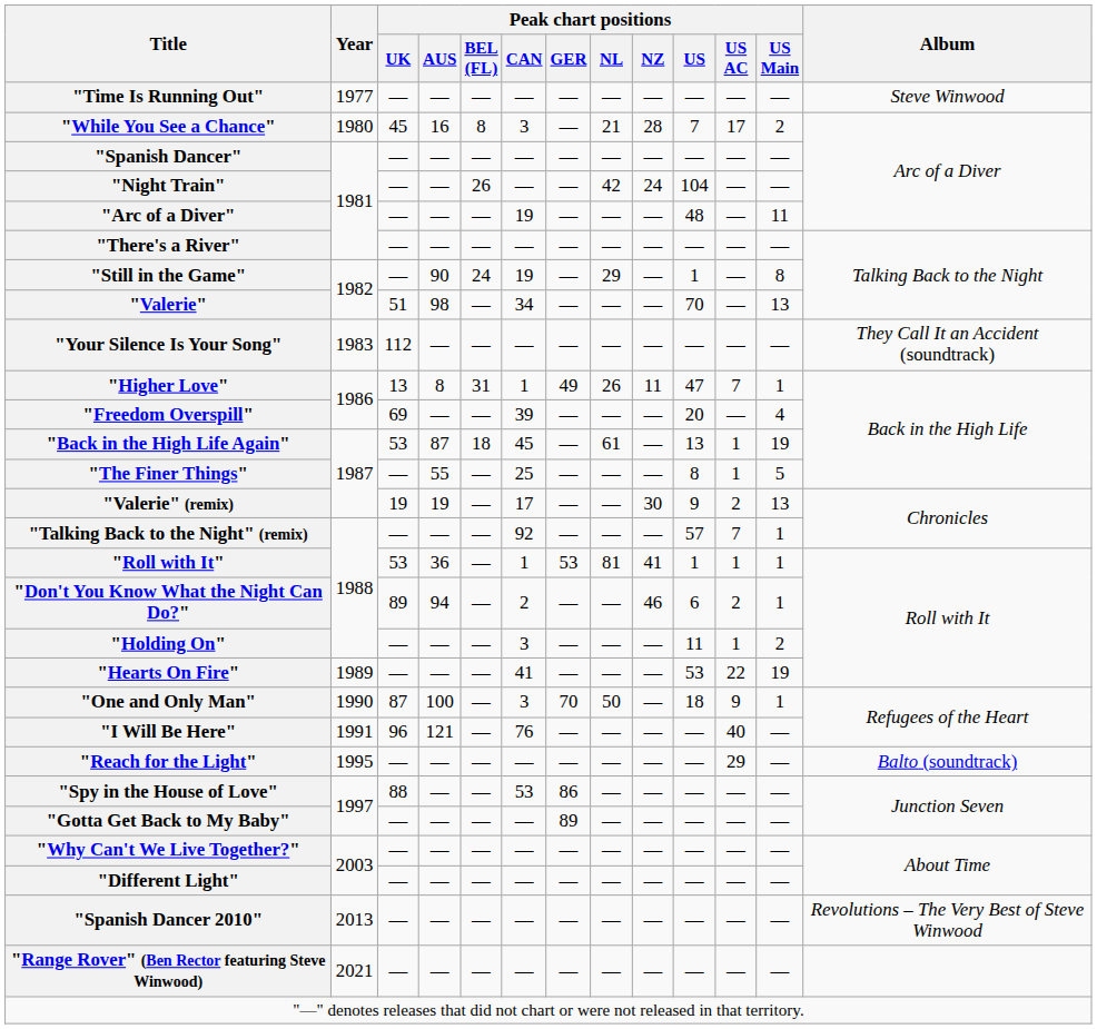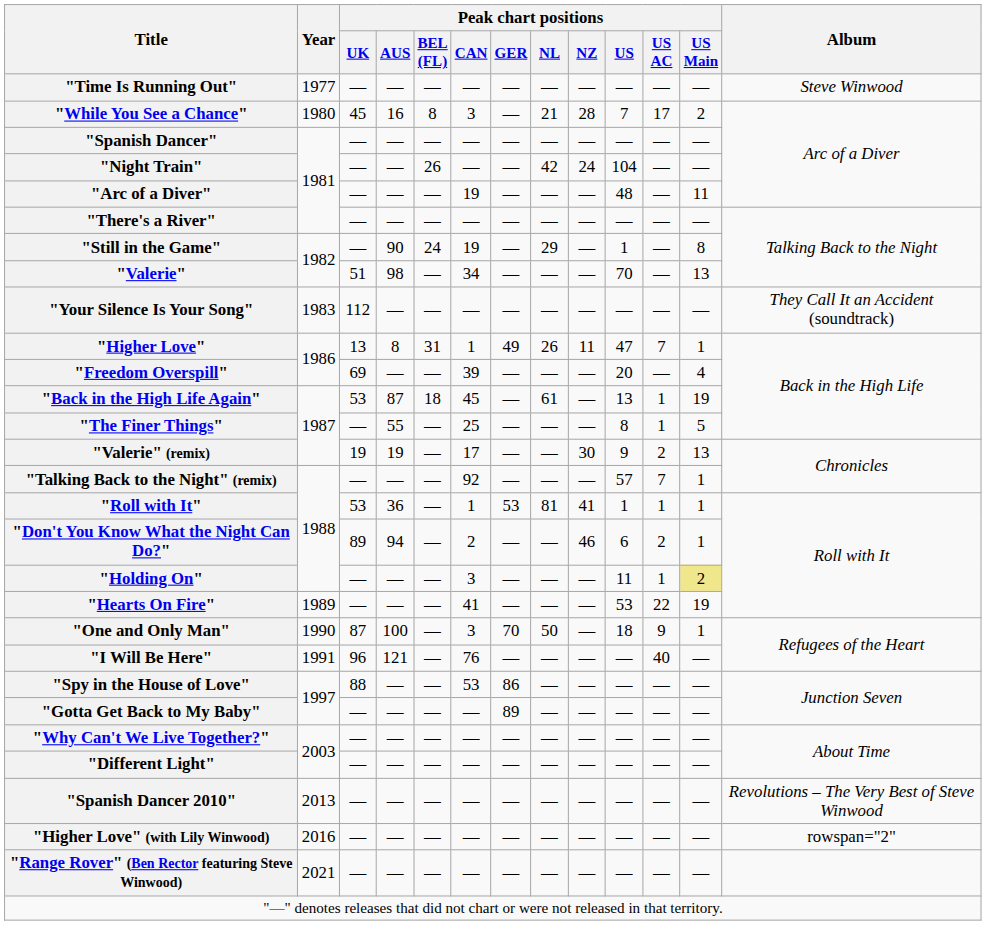 <table class="wikitable plainrowheaders" style="text-align:center;">
 <tr>
 <th rowspan="2" scope="col" style="width:17em;">Title</th>
 <th rowspan="2" scope="col" style="width:2em;">Year</th>
 <th colspan="10">Peak chart positions</th>
 <th rowspan="2" style="width:15em;">Album</th>
 </tr>
 <tr>
 <th scope="col" style="width:2em;font-size:90%;"><a href='#'>UK</a><br></th>
 <th scope="col" style="width:2em;font-size:90%;"><a href='#'>AUS</a><br></th>
 <th scope="col" style="width:2em;font-size:90%;"><a href='#'>BEL (FL)</a><br></th>
 <th scope="col" style="width:2em;font-size:90%;"><a href='#'>CAN</a><br></th>
 <th scope="col" style="width:2em;font-size:90%;"><a href='#'>GER</a><br></th>
 <th scope="col" style="width:2em;font-size:90%;"><a href='#'>NL</a><br></th>
 <th scope="col" style="width:2em;font-size:90%;"><a href='#'>NZ</a><br></th>
 <th scope="col" style="width:2em;font-size:90%;"><a href='#'>US</a><br></th>
 <th scope="col" style="width:2em;font-size:90%;"><a href='#'>US AC</a><br></th>
 <th scope="col" style="width:2em;font-size:90%;"><a href='#'>US Main</a><br></th>
 </tr>
 <tr>
 <th scope="row">"Time Is Running Out"</th>
 <td>1977</td>
 <td>—</td>
 <td>—</td>
 <td>—</td>
 <td>—</td>
 <td>—</td>
 <td>—</td>
 <td>—</td>
 <td>—</td>
 <td>—</td>
 <td>—</td>
 <td><em>Steve Winwood</em></td>
 </tr>
 <tr>
 <th scope="row">"<a href='#'>While You See a Chance</a>"</th>
 <td>1980</td>
 <td>45</td>
 <td>16</td>
 <td>8</td>
 <td>3</td>
 <td>—</td>
 <td>21</td>
 <td>28</td>
 <td>7</td>
 <td>17</td>
 <td>2</td>
 <td rowspan="4"><em>Arc of a Diver</em></td>
 </tr>
 <tr>
 <th scope="row">"Spanish Dancer"</th>
 <td rowspan="4">1981</td>
 <td>—</td>
 <td>—</td>
 <td>—</td>
 <td>—</td>
 <td>—</td>
 <td>—</td>
 <td>—</td>
 <td>—</td>
 <td>—</td>
 <td>—</td>
 </tr>
 <tr>
 <th scope="row">"Night Train" </th>
 <td>—</td>
 <td>—</td>
 <td>26</td>
 <td>—</td>
 <td>—</td>
 <td>42</td>
 <td>24</td>
 <td>104</td>
 <td>—</td>
 <td>—</td>
 </tr>
 <tr>
 <th scope="row">"Arc of a Diver" </th>
 <td>—</td>
 <td>—</td>
 <td>—</td>
 <td>19</td>
 <td>—</td>
 <td>—</td>
 <td>—</td>
 <td>48</td>
 <td>—</td>
 <td>11</td>
 </tr>
 <tr>
 <th scope="row">"There's a River"</th>
 <td>—</td>
 <td>—</td>
 <td>—</td>
 <td>—</td>
 <td>—</td>
 <td>—</td>
 <td>—</td>
 <td>—</td>
 <td>—</td>
 <td>—</td>
 <td rowspan="3"><em>Talking Back to the Night</em></td>
 </tr>
 <tr>
 <th scope="row">"Still in the Game"</th>
 <td rowspan="2">1982</td>
 <td>—</td>
 <td>90</td>
 <td>24</td>
 <td>19</td>
 <td>—</td>
 <td>29</td>
 <td>—</td>
 <td>1</td>
 <td>—</td>
 <td>8</td>
 </tr>
 <tr>
 <th scope="row">"<a href='#'>Valerie</a>"</th>
 <td>51</td>
 <td>98</td>
 <td>—</td>
 <td>34</td>
 <td>—</td>
 <td>—</td>
 <td>—</td>
 <td>70</td>
 <td>—</td>
 <td>13</td>
 </tr>
 <tr>
 <th scope="row">"Your Silence Is Your Song"</th>
 <td>1983</td>
 <td>112</td>
 <td>—</td>
 <td>—</td>
 <td>—</td>
 <td>—</td>
 <td>—</td>
 <td>—</td>
 <td>—</td>
 <td>—</td>
 <td>—</td>
 <td><em>They Call It an Accident</em> (soundtrack)</td>
 </tr>
 <tr>
 <th scope="row">"<a href='#'>Higher Love</a>"</th>
 <td rowspan="2">1986</td>
 <td>13</td>
 <td>8</td>
 <td>31</td>
 <td>1</td>
 <td>49</td>
 <td>26</td>
 <td>11</td>
 <td>47</td>
 <td>7</td>
 <td>1</td>
 <td rowspan="4"><em>Back in the High Life</em></td>
 </tr>
 <tr>
 <th scope="row">"<a href='#'>Freedom Overspill</a>"</th>
 <td>69</td>
 <td>—</td>
 <td>—</td>
 <td>39</td>
 <td>—</td>
 <td>—</td>
 <td>—</td>
 <td>20</td>
 <td>—</td>
 <td>4</td>
 </tr>
 <tr>
 <th scope="row">"<a href='#'>Back in the High Life Again</a>"</th>
 <td rowspan="3">1987</td>
 <td>53</td>
 <td>87</td>
 <td>18</td>
 <td>45</td>
 <td>—</td>
 <td>61</td>
 <td>—</td>
 <td>13</td>
 <td>1</td>
 <td>19</td>
 </tr>
 <tr>
 <th scope="row">"<a href='#'>The Finer Things</a>" </th>
 <td>—</td>
 <td>55</td>
 <td>—</td>
 <td>25</td>
 <td>—</td>
 <td>—</td>
 <td>—</td>
 <td>8</td>
 <td>1</td>
 <td>5</td>
 </tr>
 <tr>
 <th scope="row">"Valerie" <small>(remix)</small></th>
 <td>19</td>
 <td>19</td>
 <td>—</td>
 <td>17</td>
 <td>—</td>
 <td>—</td>
 <td>30</td>
 <td>9</td>
 <td>2</td>
 <td>13</td>
 <td rowspan="2"><em>Chronicles</em></td>
 </tr>
 <tr>
 <th scope="row">"Talking Back to the Night" <small>(remix)</small> </th>
 <td rowspan="4">1988</td>
 <td>—</td>
 <td>—</td>
 <td>—</td>
 <td>92</td>
 <td>—</td>
 <td>—</td>
 <td>—</td>
 <td>57</td>
 <td>7</td>
 <td>1</td>
 </tr>
 <tr>
 <th scope="row">"<a href='#'>Roll with It</a>"</th>
 <td>53</td>
 <td>36</td>
 <td>—</td>
 <td>1</td>
 <td>53</td>
 <td>81</td>
 <td>41</td>
 <td>1</td>
 <td>1</td>
 <td>1</td>
 <td rowspan="4"><em>Roll with It</em></td>
 </tr>
 <tr>
 <th scope="row">"<a href='#'>Don't You Know What the Night Can Do?</a>"</th>
 <td>89</td>
 <td>94</td>
 <td>—</td>
 <td>2</td>
 <td>—</td>
 <td>—</td>
 <td>46</td>
 <td>6</td>
 <td>2</td>
 <td>1</td>
 </tr>
 <tr>
 <th scope="row">"<a href='#'>Holding On</a>"</th>
 <td>—</td>
 <td>—</td>
 <td>—</td>
 <td>3</td>
 <td>—</td>
 <td>—</td>
 <td>—</td>
 <td>11</td>
 <td>1</td>
-<td>2</td>
+<td style="background: khaki;">2</td>
 </tr>
 <tr>
 <th scope="row">"<a href='#'>Hearts On Fire</a>" </th>
 <td>1989</td>
 <td>—</td>
 <td>—</td>
 <td>—</td>
 <td>41</td>
 <td>—</td>
 <td>—</td>
 <td>—</td>
 <td>53</td>
 <td>22</td>
 <td>19</td>
 </tr>
 <tr>
 <th scope="row">"One and Only Man"</th>
 <td>1990</td>
 <td>87</td>
 <td>100</td>
 <td>—</td>
 <td>3</td>
 <td>70</td>
 <td>50</td>
 <td>—</td>
 <td>18</td>
 <td>9</td>
 <td>1</td>
 <td rowspan="2"><em>Refugees of the Heart</em></td>
 </tr>
 <tr>
 <th scope="row">"I Will Be Here"</th>
 <td>1991</td>
 <td>96</td>
 <td>121</td>
 <td>—</td>
 <td>76</td>
 <td>—</td>
 <td>—</td>
 <td>—</td>
 <td>—</td>
 <td>40</td>
 <td>—</td>
-</tr>
-<tr>
-<th scope="row">"<a href='#'>Reach for the Light</a>" </th>
-<td>1995</td>
-<td>—</td>
-<td>—</td>
-<td>—</td>
-<td>—</td>
-<td>—</td>
-<td>—</td>
-<td>—</td>
-<td>—</td>
-<td>29</td>
-<td>—</td>
-<td><a href='#'><em>Balto</em> (soundtrack)</a></td>
 </tr>
 <tr>
 <th scope="row">"Spy in the House of Love"</th>
 <td rowspan="2">1997</td>
 <td>88</td>
 <td>—</td>
 <td>—</td>
 <td>53</td>
 <td>86</td>
 <td>—</td>
 <td>—</td>
 <td>—</td>
 <td>—</td>
 <td>—</td>
 <td rowspan="2"><em>Junction Seven</em></td>
 </tr>
 <tr>
 <th scope="row">"Gotta Get Back to My Baby" </th>
 <td>—</td>
 <td>—</td>
 <td>—</td>
 <td>—</td>
 <td>89</td>
 <td>—</td>
 <td>—</td>
 <td>—</td>
 <td>—</td>
 <td>—</td>
 </tr>
 <tr>
 <th scope="row">"<a href='#'>Why Can't We Live Together?</a>"</th>
 <td rowspan="2">2003</td>
 <td>—</td>
 <td>—</td>
 <td>—</td>
 <td>—</td>
 <td>—</td>
 <td>—</td>
 <td>—</td>
 <td>—</td>
 <td>—</td>
 <td>—</td>
 <td rowspan="2"><em>About Time</em></td>
 </tr>
 <tr>
 <th scope="row">"Different Light"</th>
 <td>—</td>
 <td>—</td>
 <td>—</td>
 <td>—</td>
 <td>—</td>
 <td>—</td>
 <td>—</td>
 <td>—</td>
 <td>—</td>
 <td>—</td>
 </tr>
 <tr>
 <th scope="row">"Spanish Dancer 2010"</th>
 <td>2013</td>
 <td>—</td>
 <td>—</td>
 <td>—</td>
 <td>—</td>
 <td>—</td>
 <td>—</td>
 <td>—</td>
 <td>—</td>
 <td>—</td>
 <td>—</td>
 <td><em>Revolutions – The Very Best of Steve Winwood</em></td>
 </tr>
 <tr>
+<th scope="row">"Higher Love" <small>(with Lily Winwood)</small></th>
+<td>2016</td>
+<td>—</td>
+<td>—</td>
+<td>—</td>
+<td>—</td>
+<td>—</td>
+<td>—</td>
+<td>—</td>
+<td>—</td>
+<td>—</td>
+<td>—</td>
+<td>rowspan="2" </td>
+</tr>
+<tr>
 <th scope="row">"<a href='#'>Range Rover</a>" <small>(<a href='#'>Ben Rector</a> featuring Steve Winwood)</small></th>
 <td>2021</td>
 <td>—</td>
 <td>—</td>
 <td>—</td>
 <td>—</td>
 <td>—</td>
 <td>—</td>
 <td>—</td>
 <td>—</td>
 <td>—</td>
 <td>—</td>
 </tr>
 <tr>
 <td colspan="13" style="font-size:90%">"—" denotes releases that did not chart or were not released in that territory.</td>
 </tr>
 </table>
